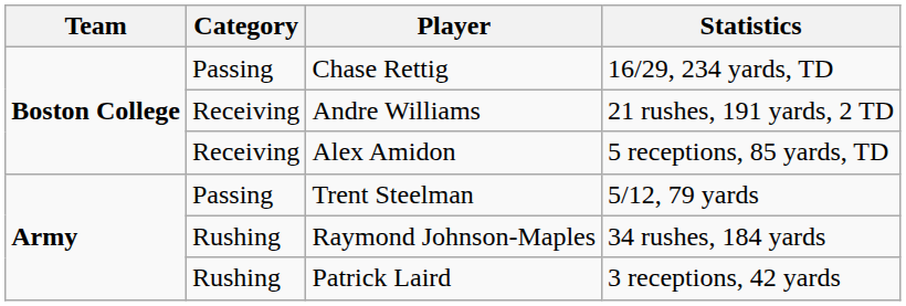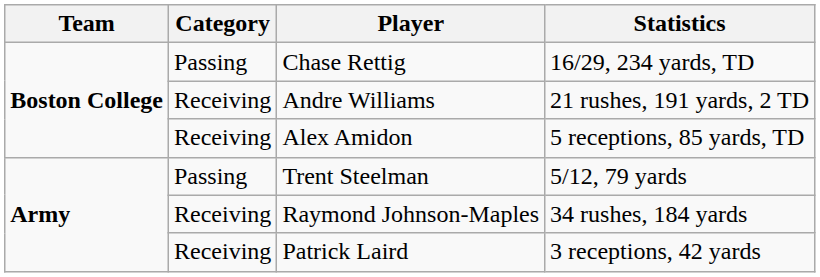 <table class="wikitable" style="float: left;">
 <tr>
 <th>Team</th>
 <th>Category</th>
 <th>Player</th>
 <th>Statistics</th>
 </tr>
 <tr>
 <td rowspan=3><strong>Boston College</strong></td>
 <td>Passing</td>
 <td>Chase Rettig</td>
 <td>16/29, 234 yards, TD</td>
 </tr>
 <tr>
 <td>Receiving</td>
 <td>Andre Williams</td>
 <td>21 rushes, 191 yards, 2 TD</td>
 </tr>
 <tr>
 <td>Receiving</td>
 <td>Alex Amidon</td>
 <td>5 receptions, 85 yards, TD</td>
 </tr>
 <tr>
 <td rowspan=3><strong>Army</strong></td>
 <td>Passing</td>
 <td>Trent Steelman</td>
 <td>5/12, 79 yards</td>
 </tr>
 <tr>
-<td>Rushing</td>
+<td>Receiving</td>
 <td>Raymond Johnson-Maples</td>
 <td>34 rushes, 184 yards</td>
 </tr>
 <tr>
-<td>Rushing</td>
+<td>Receiving</td>
 <td>Patrick Laird</td>
 <td>3 receptions, 42 yards</td>
 </tr>
 </table>
